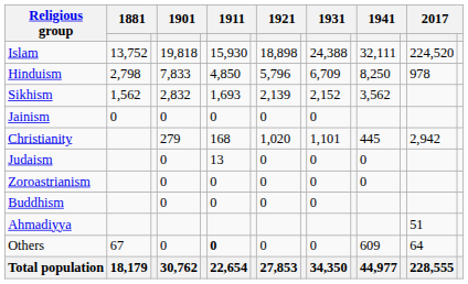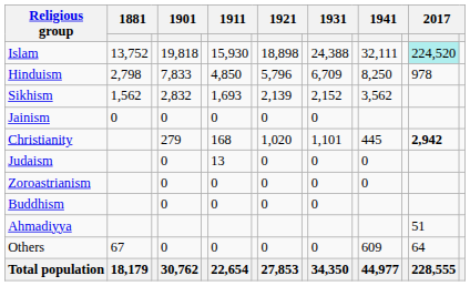 <table class="wikitable collapsible sortable">
 <tr>
 <th rowspan="2"><a href='#'>Religious</a><br>group</th>
 <th colspan="2">1881</th>
 <th colspan="2">1901</th>
 <th colspan="2">1911</th>
 <th colspan="2">1921</th>
 <th colspan="2">1931</th>
 <th colspan="2">1941</th>
 <th colspan="2">2017</th>
 </tr>
 <tr>
 <th><a href='#'></a></th>
 <th></th>
 <th></th>
 <th></th>
 <th></th>
 <th></th>
 <th></th>
 <th></th>
 <th></th>
 <th></th>
 <th></th>
 <th></th>
 <th></th>
 <th></th>
 </tr>
 <tr>
 <td><a href='#'>Islam</a> </td>
 <td>13,752</td>
 <td></td>
 <td>19,818</td>
 <td></td>
 <td>15,930</td>
 <td></td>
 <td>18,898</td>
 <td></td>
 <td>24,388</td>
 <td></td>
 <td>32,111</td>
 <td></td>
-<td>224,520</td>
+<td style="background: paleturquoise;">224,520</td>
 <td></td>
 </tr>
 <tr>
 <td><a href='#'>Hinduism</a> </td>
 <td>2,798</td>
 <td></td>
 <td>7,833</td>
 <td></td>
 <td>4,850</td>
 <td></td>
 <td>5,796</td>
 <td></td>
 <td>6,709</td>
 <td></td>
 <td>8,250</td>
 <td></td>
 <td>978</td>
 <td></td>
 </tr>
 <tr>
 <td><a href='#'>Sikhism</a> </td>
 <td>1,562</td>
 <td></td>
 <td>2,832</td>
 <td></td>
 <td>1,693</td>
 <td></td>
 <td>2,139</td>
 <td></td>
 <td>2,152</td>
 <td></td>
 <td>3,562</td>
 <td></td>
 <td></td>
 <td></td>
 </tr>
 <tr>
 <td><a href='#'>Jainism</a> </td>
 <td>0</td>
 <td></td>
 <td>0</td>
 <td></td>
 <td>0</td>
 <td></td>
 <td>0</td>
 <td></td>
 <td>0</td>
 <td></td>
 <td></td>
 <td></td>
 <td></td>
 <td></td>
 </tr>
 <tr>
 <td><a href='#'>Christianity</a> </td>
 <td></td>
 <td></td>
 <td>279</td>
 <td></td>
 <td>168</td>
 <td></td>
 <td>1,020</td>
 <td></td>
 <td>1,101</td>
 <td></td>
 <td>445</td>
 <td></td>
-<td>2,942</td>
+<td><strong>2,942</strong></td>
 <td></td>
 </tr>
 <tr>
 <td><a href='#'>Judaism</a> </td>
 <td></td>
 <td></td>
 <td>0</td>
 <td></td>
 <td>13</td>
 <td></td>
 <td>0</td>
 <td></td>
 <td>0</td>
 <td></td>
 <td>0</td>
 <td></td>
 <td></td>
 <td></td>
 </tr>
 <tr>
 <td><a href='#'>Zoroastrianism</a> </td>
 <td></td>
 <td></td>
 <td>0</td>
 <td></td>
 <td>0</td>
 <td></td>
 <td>0</td>
 <td></td>
 <td>0</td>
 <td></td>
 <td>0</td>
 <td></td>
 <td></td>
 <td></td>
 </tr>
 <tr>
 <td><a href='#'>Buddhism</a> </td>
 <td></td>
 <td></td>
 <td>0</td>
 <td></td>
 <td>0</td>
 <td></td>
 <td>0</td>
 <td></td>
 <td>0</td>
 <td></td>
 <td></td>
 <td></td>
 <td></td>
 <td></td>
 </tr>
 <tr>
 <td><a href='#'>Ahmadiyya</a> </td>
 <td></td>
 <td></td>
 <td></td>
 <td></td>
 <td></td>
 <td></td>
 <td></td>
 <td></td>
 <td></td>
 <td></td>
 <td></td>
 <td></td>
 <td>51</td>
 <td></td>
 </tr>
 <tr>
 <td>Others</td>
 <td>67</td>
 <td></td>
 <td>0</td>
 <td></td>
-<td><strong>0</strong></td>
+<td>0</td>
 <td></td>
 <td>0</td>
 <td></td>
 <td>0</td>
 <td></td>
 <td>609</td>
 <td></td>
 <td>64</td>
 <td></td>
 </tr>
 <tr>
 <th>Total population</th>
 <th>18,179</th>
 <th></th>
 <th>30,762</th>
 <th></th>
 <th>22,654</th>
 <th></th>
 <th>27,853</th>
 <th></th>
 <th>34,350</th>
 <th></th>
 <th>44,977</th>
 <th></th>
 <th>228,555</th>
 <th></th>
 </tr>
 </table>
